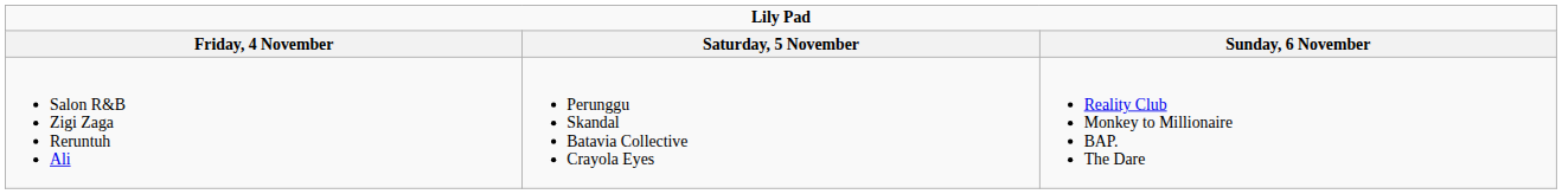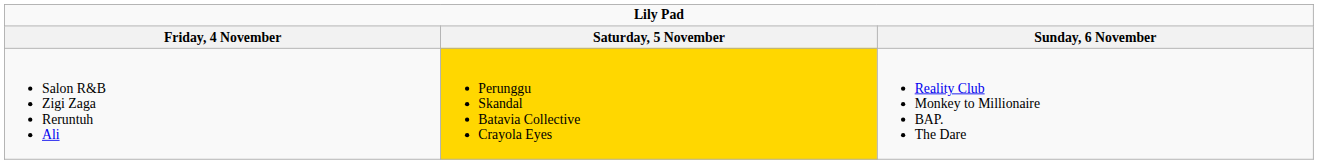 <table class="wikitable">
 <tr>
 <td colspan="4" align="center"><strong>Lily Pad</strong></td>
 </tr>
 <tr>
 <th width="500">Friday, 4 November</th>
 <th width="500">Saturday, 5 November</th>
 <th width="500">Sunday, 6 November</th>
 </tr>
 <tr valign="top">
 <td><br><ul><li>Salon R&B</li><li>Zigi Zaga</li><li>Reruntuh</li><li><a href='#'>Ali</a></li></ul></td>
-<td><br><ul><li>Perunggu</li><li>Skandal</li><li>Batavia Collective</li><li>Crayola Eyes</li></ul></td>
+<td style="background: gold;"><br><ul><li>Perunggu</li><li>Skandal</li><li>Batavia Collective</li><li>Crayola Eyes</li></ul></td>
 <td><br><ul><li><a href='#'>Reality Club</a></li><li>Monkey to Millionaire</li><li>BAP.</li><li>The Dare</li></ul></td>
 </tr>
 </table>
